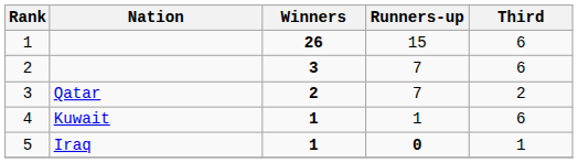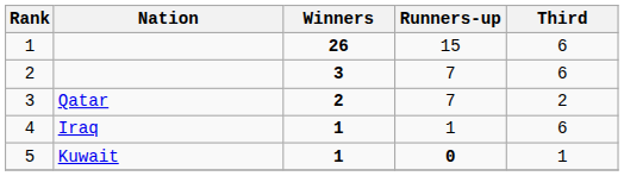 <table class="wikitable" style="text-align: center;">
 <tr>
 <th width=20>Rank</th>
 <th width=170>Nation</th>
 <th width=80>Winners</th>
 <th width=80>Runners-up</th>
 <th width=80>Third</th>
 </tr>
 <tr>
 <td>1</td>
 <td align=left></td>
 <td><strong>26</strong></td>
 <td>15</td>
 <td>6</td>
 </tr>
 <tr>
 <td>2</td>
 <td align=left></td>
 <td><strong>3</strong></td>
 <td>7</td>
 <td>6</td>
 </tr>
 <tr>
 <td>3</td>
 <td align=left> <a href='#'>Qatar</a></td>
 <td><strong>2 </strong></td>
 <td>7</td>
 <td>2</td>
 </tr>
 <tr>
 <td>4</td>
-<td align=left> <a href='#'>Kuwait</a></td>
+<td align=left> <a href='#'>Iraq</a></td>
 <td><strong>1</strong></td>
 <td>1</td>
 <td>6</td>
 </tr>
 <tr>
 <td>5</td>
-<td align=left> <a href='#'>Iraq</a></td>
+<td align=left> <a href='#'>Kuwait</a></td>
 <td><strong>1</strong></td>
 <td><strong>0</strong></td>
 <td>1</td>
 </tr>
 <tr>
 </tr>
 </table>
